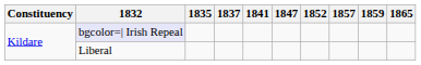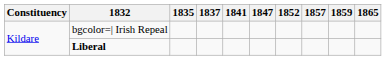 <table class=wikitable sortable>
 <tr>
 <th>Constituency</th>
 <th>1832</th>
 <th>1835</th>
 <th>1837</th>
 <th>1841</th>
 <th>1847</th>
 <th>1852</th>
 <th>1857</th>
 <th>1859</th>
 <th>1865</th>
 </tr>
 <tr>
 <td rowspan=2><a href='#'>Kildare</a></td>
-<td align=center style="background: lavender;">bgcolor=| Irish Repeal</td>
+<td align=center>bgcolor=| Irish Repeal</td>
 <td></td>
 <td></td>
 <td></td>
 <td></td>
 <td></td>
 <td></td>
 <td></td>
 <td></td>
 </tr>
 <tr>
-<td bgcolor=>Liberal</td>
+<td bgcolor=><strong>Liberal</strong></td>
 <td></td>
 <td></td>
 <td></td>
 <td></td>
 <td></td>
 <td></td>
 <td></td>
 <td></td>
 </tr>
 </table>
